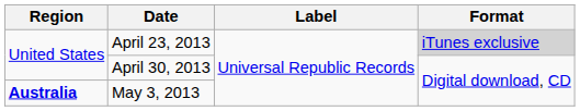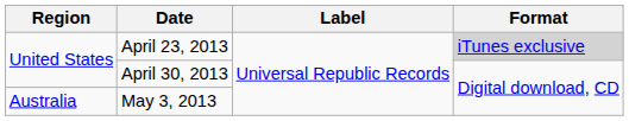 <table class="wikitable plainrowheaders">
 <tr>
 <th scope="col">Region</th>
 <th scope="col">Date</th>
 <th scope="col">Label</th>
 <th scope="col">Format</th>
 </tr>
 <tr>
 <td rowspan="2"><a href='#'>United States</a></td>
 <td>April 23, 2013</td>
 <td rowspan="3"><a href='#'>Universal Republic Records</a></td>
 <td style="background: lightgrey;"><a href='#'>iTunes exclusive</a></td>
 </tr>
 <tr>
 <td>April 30, 2013</td>
 <td rowspan="2"><a href='#'>Digital download</a>, <a href='#'>CD</a></td>
 </tr>
 <tr>
-<td><strong><a href='#'>Australia</a></strong></td>
+<td><a href='#'>Australia</a></td>
 <td>May 3, 2013</td>
 </tr>
 </table>
